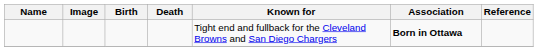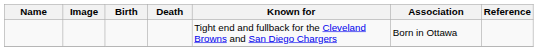 <table class="wikitable sortable">
 <tr>
 <th scope="col" width="140">Name</th>
 <th scope="col" width="80" class="unsortable">Image</th>
 <th scope="col" width="90">Birth</th>
 <th scope="col" width="90">Death</th>
 <th scope="col" width="600" class="unsortable">Known for</th>
 <th scope="col" width="200" class="unsortable">Association</th>
 <th scope="col" width="30" class="unsortable">Reference</th>
 </tr>
 <tr>
 <td></td>
 <td></td>
 <td align=right></td>
 <td></td>
 <td>Tight end and fullback for the <a href='#'>Cleveland Browns</a> and <a href='#'>San Diego Chargers</a></td>
-<td><strong>Born in Ottawa</strong></td>
+<td>Born in Ottawa</td>
 <td align="center"></td>
 </tr>
 <tr>
 </tr>
 </table>
